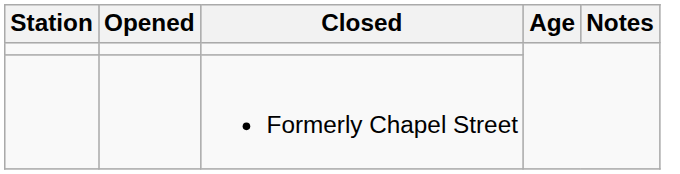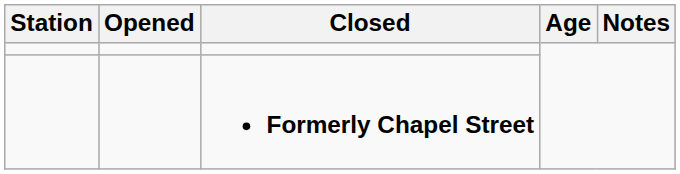 <table class="wikitable sortable">
 <tr>
 <th>Station</th>
 <th>Opened</th>
 <th>Closed</th>
 <th>Age</th>
 <th scope=col class=unsortable>Notes</th>
 </tr>
 <tr>
 <td></td>
 <td></td>
 <td></td>
 </tr>
 <tr>
 <td></td>
 <td></td>
-<td><br><ul><li>Formerly Chapel Street</li></ul></td>
+<td><strong><br><ul><li>Formerly Chapel Street</li></ul></strong></td>
 </tr>
 </table>
